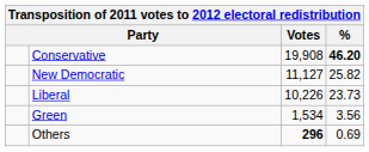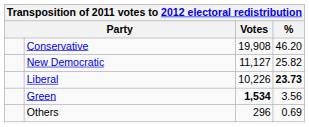 <table class="wikitable">
 <tr>
 <th colspan="4">Transposition of 2011 votes to <a href='#'>2012 electoral redistribution</a></th>
 </tr>
 <tr>
 <th bgcolor="#DDDDFF" width="130px" colspan="2">Party</th>
 <th bgcolor="#DDDDFF" width="50px">Votes</th>
 <th bgcolor="#DDDDFF" width="30px">%</th>
 </tr>
 <tr>
 <td> </td>
 <td><a href='#'>Conservative</a></td>
 <td align=right>19,908</td>
-<td align=right><strong>46.20</strong></td>
+<td align=right>46.20</td>
 </tr>
 <tr>
 <td> </td>
 <td><a href='#'>New Democratic</a></td>
 <td align=right>11,127</td>
 <td align=right>25.82</td>
 </tr>
 <tr>
 <td> </td>
 <td><a href='#'>Liberal</a></td>
 <td align=right>10,226</td>
-<td align=right>23.73</td>
+<td align=right><strong>23.73</strong></td>
 </tr>
 <tr>
 <td> </td>
 <td><a href='#'>Green</a></td>
-<td align=right>1,534</td>
+<td align=right><strong>1,534</strong></td>
 <td align=right>3.56</td>
 </tr>
 <tr>
 <td> </td>
 <td>Others</td>
-<td align=right><strong>296</strong></td>
+<td align=right>296</td>
 <td align=right>0.69</td>
 </tr>
 </table>
